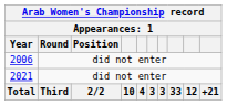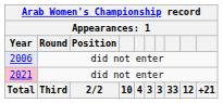 <table class="wikitable" style="text-align: center;font-size:90%;">
 <tr>
 <th colspan=10><a href='#'>Arab Women's Championship</a> record</th>
 </tr>
 <tr>
 <th colspan=10>Appearances: 1</th>
 </tr>
 <tr>
 <th>Year</th>
 <th>Round</th>
 <th>Position</th>
 <th></th>
 <th></th>
 <th></th>
 <th></th>
 <th></th>
 <th></th>
 <th></th>
 </tr>
 <tr>
-<td> <a href='#'>2006</a></td>
+<td style="background: lavender;"> <a href='#'>2006</a></td>
 <td colspan=9>did not enter</td>
 </tr>
 <tr>
-<td> <a href='#'>2021</a></td>
+<td style="background: pink;"> <a href='#'>2021</a></td>
 <td colspan=9>did not enter</td>
 </tr>
 <tr>
 <th>Total</th>
 <th>Third</th>
 <th>2/2</th>
 <th>10</th>
 <th>4</th>
 <th>3</th>
 <th>3</th>
 <th>33</th>
 <th>12</th>
 <th>+21</th>
 </tr>
 </table>
